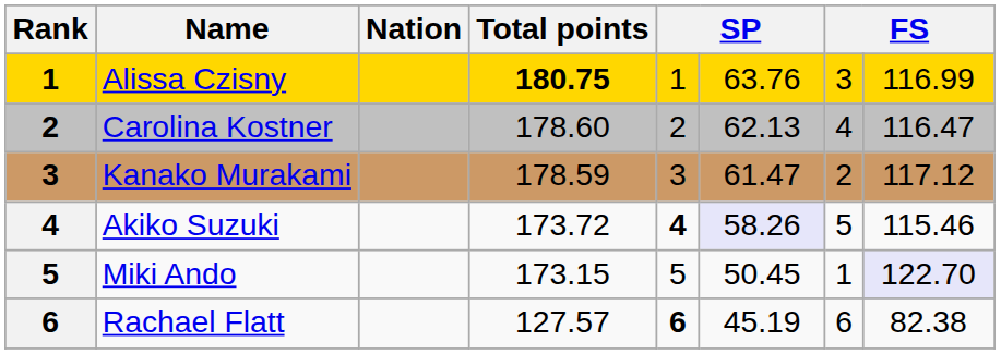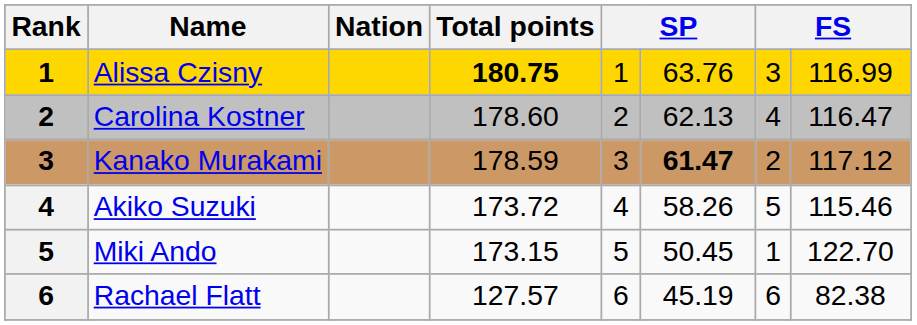 <table class="wikitable sortable">
 <tr>
 <th>Rank</th>
 <th>Name</th>
 <th>Nation</th>
 <th>Total points</th>
 <th colspan="2" width="80px"><a href='#'>SP</a></th>
 <th colspan="2" width="80px"><a href='#'>FS</a></th>
 </tr>
 <tr bgcolor="gold">
 <td align="center"><strong>1</strong></td>
 <td><a href='#'>Alissa Czisny</a></td>
 <td></td>
 <td align="center"><strong>180.75</strong></td>
 <td align="center">1</td>
 <td align="center">63.76</td>
 <td align="center">3</td>
 <td align="center">116.99</td>
 </tr>
 <tr bgcolor="silver">
 <td align="center"><strong>2</strong></td>
 <td><a href='#'>Carolina Kostner</a></td>
 <td></td>
 <td align="center">178.60</td>
 <td align="center">2</td>
 <td align="center">62.13</td>
 <td align="center">4</td>
 <td align="center">116.47</td>
 </tr>
 <tr bgcolor="cc9966">
 <td align="center"><strong>3</strong></td>
 <td><a href='#'>Kanako Murakami</a></td>
 <td></td>
 <td align="center">178.59</td>
 <td align="center">3</td>
-<td align="center">61.47</td>
+<td align="center"><strong>61.47</strong></td>
 <td align="center">2</td>
 <td align="center">117.12</td>
 </tr>
 <tr>
 <th>4</th>
 <td><a href='#'>Akiko Suzuki</a></td>
 <td></td>
 <td align="center">173.72</td>
-<td align="center"><strong>4</strong></td>
-<td align="center" style="background: lavender;">58.26</td>
+<td align="center">4</td>
+<td align="center">58.26</td>
 <td align="center">5</td>
 <td align="center">115.46</td>
 </tr>
 <tr>
 <th>5</th>
 <td><a href='#'>Miki Ando</a></td>
 <td></td>
 <td align="center">173.15</td>
 <td align="center">5</td>
 <td align="center">50.45</td>
 <td align="center">1</td>
-<td align="center" style="background: lavender;">122.70</td>
+<td align="center">122.70</td>
 </tr>
 <tr>
 <th>6</th>
 <td><a href='#'>Rachael Flatt</a></td>
 <td></td>
 <td align="center">127.57</td>
-<td align="center"><strong>6</strong></td>
+<td align="center">6</td>
 <td align="center">45.19</td>
 <td align="center">6</td>
 <td align="center">82.38</td>
 </tr>
 </table>
